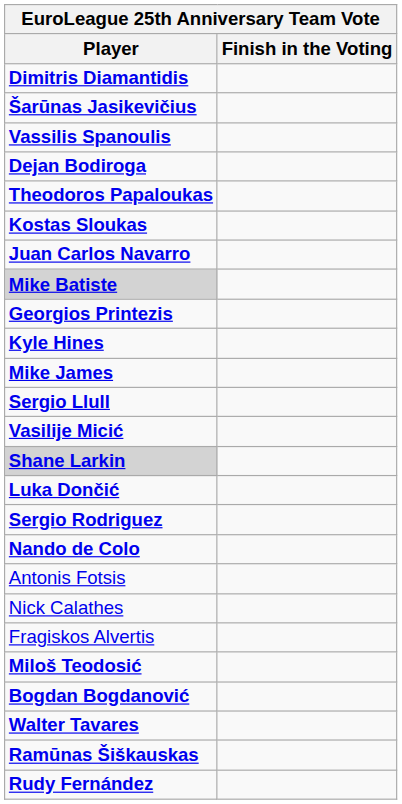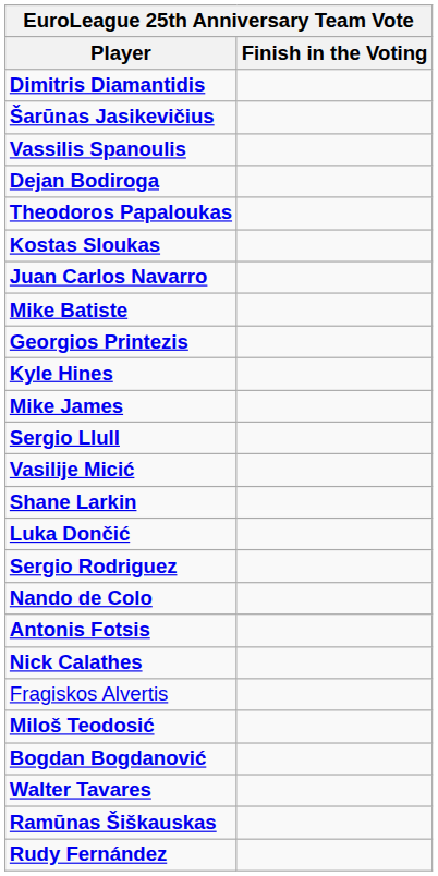 <table class="wikitable sortable" style="text-align:left; ">
 <tr>
 <th colspan="3">EuroLeague 25th Anniversary Team Vote</th>
 </tr>
 <tr>
 <th>Player</th>
 <th>Finish in the Voting</th>
 </tr>
 <tr>
 <td> <strong><a href='#'>Dimitris Diamantidis</a></strong></td>
 <td></td>
 </tr>
 <tr>
 <td> <strong><a href='#'>Šarūnas Jasikevičius</a></strong></td>
 <td></td>
 </tr>
 <tr>
 <td> <strong><a href='#'>Vassilis Spanoulis</a></strong></td>
 <td></td>
 </tr>
 <tr>
 <td> <strong><a href='#'>Dejan Bodiroga</a></strong></td>
 <td></td>
 </tr>
 <tr>
 <td> <strong><a href='#'>Theodoros Papaloukas</a></strong></td>
 <td></td>
 </tr>
 <tr>
 <td> <strong><a href='#'>Kostas Sloukas</a></strong></td>
 <td></td>
 </tr>
 <tr>
 <td> <strong><a href='#'>Juan Carlos Navarro</a></strong></td>
 <td></td>
 </tr>
 <tr>
-<td style="background: lightgrey;"> <strong><a href='#'>Mike Batiste</a></strong></td>
+<td> <strong><a href='#'>Mike Batiste</a></strong></td>
 <td></td>
 </tr>
 <tr>
 <td> <strong><a href='#'>Georgios Printezis</a></strong></td>
 <td></td>
 </tr>
 <tr>
 <td> <strong><a href='#'>Kyle Hines</a></strong></td>
 <td></td>
 </tr>
 <tr>
 <td> <strong><a href='#'>Mike James</a></strong></td>
 <td></td>
 </tr>
 <tr>
 <td> <strong><a href='#'>Sergio Llull</a></strong></td>
 <td></td>
 </tr>
 <tr>
 <td> <strong><a href='#'>Vasilije Micić</a></strong></td>
 <td></td>
 </tr>
 <tr>
-<td style="background: lightgrey;"> <strong><a href='#'>Shane Larkin</a></strong></td>
+<td> <strong><a href='#'>Shane Larkin</a></strong></td>
 <td></td>
 </tr>
 <tr>
 <td> <strong><a href='#'>Luka Dončić</a></strong></td>
 <td></td>
 </tr>
 <tr>
 <td> <strong><a href='#'>Sergio Rodriguez</a></strong></td>
 <td></td>
 </tr>
 <tr>
 <td> <strong><a href='#'>Nando de Colo</a></strong></td>
 <td></td>
 </tr>
 <tr>
-<td> <a href='#'>Antonis Fotsis</a></td>
+<td><strong> <a href='#'>Antonis Fotsis</a></strong></td>
 <td></td>
 </tr>
 <tr>
-<td> <a href='#'>Nick Calathes</a></td>
+<td><strong> <a href='#'>Nick Calathes</a></strong></td>
 <td></td>
 </tr>
 <tr>
 <td> <a href='#'>Fragiskos Alvertis</a></td>
 <td></td>
 </tr>
 <tr>
 <td> <strong><a href='#'>Miloš Teodosić</a></strong></td>
 <td></td>
 </tr>
 <tr>
 <td> <strong><a href='#'>Bogdan Bogdanović</a></strong></td>
 <td></td>
 </tr>
 <tr>
 <td> <strong><a href='#'>Walter Tavares</a></strong></td>
 <td></td>
 </tr>
 <tr>
 <td> <strong><a href='#'>Ramūnas Šiškauskas</a></strong></td>
 <td></td>
 </tr>
 <tr>
 <td> <strong><a href='#'>Rudy Fernández</a></strong></td>
 <td></td>
 </tr>
 </table>
